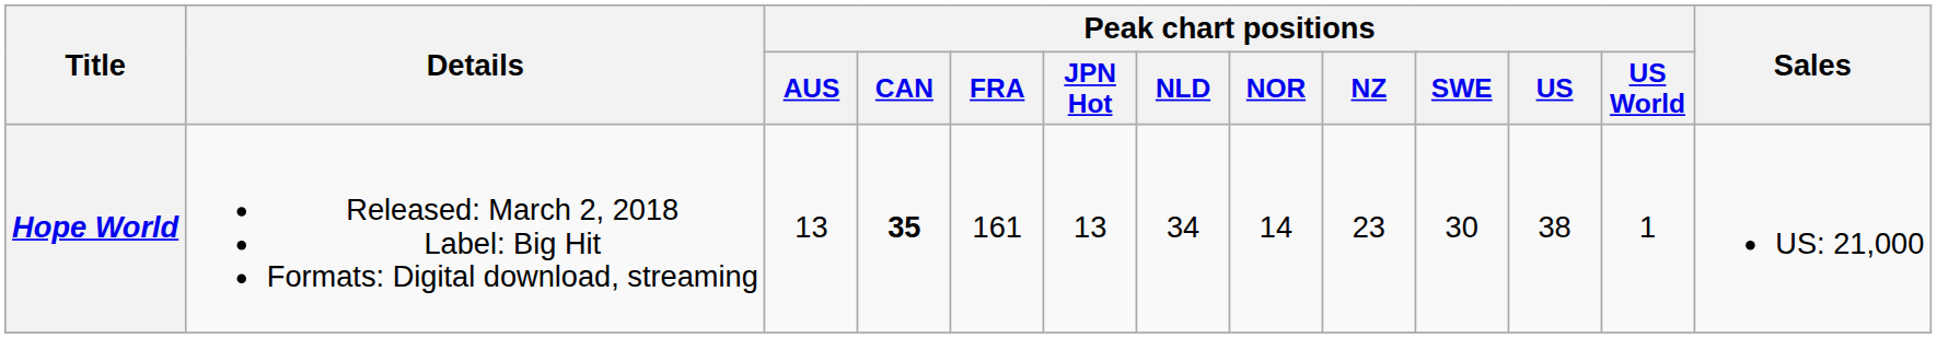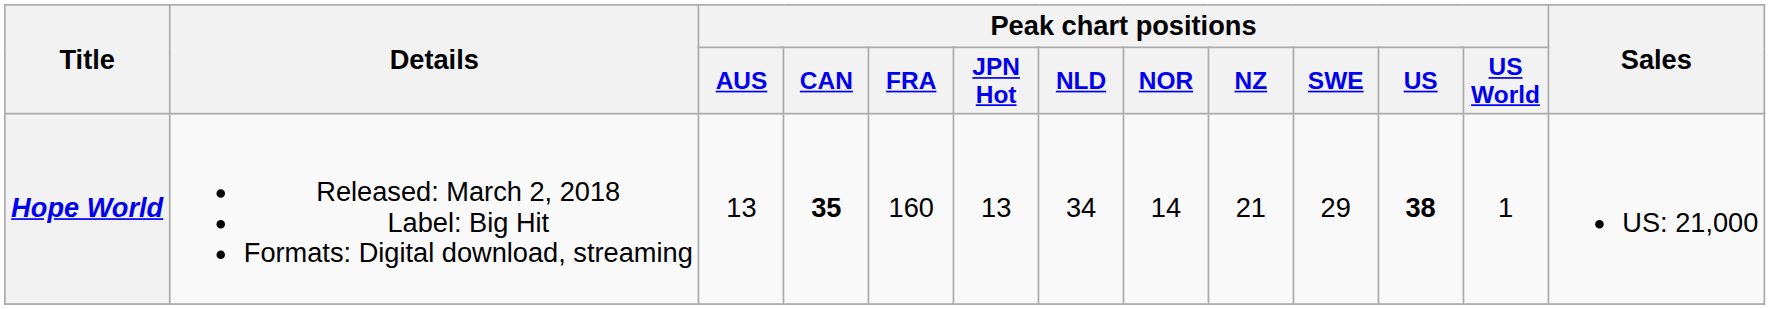 <table class="wikitable plainrowheaders" style="text-align:center;">
 <tr>
 <th scope="col" rowspan="2">Title</th>
 <th scope="col" rowspan="2">Details</th>
 <th scope="col" colspan="10">Peak chart positions</th>
 <th scope="col" rowspan="2">Sales</th>
 </tr>
 <tr>
 <th scope="col" style="width:3em;font-size:90%;"><a href='#'>AUS</a><br></th>
 <th scope="col" style="width:3em;font-size:90%;"><a href='#'>CAN</a><br></th>
 <th scope="col" style="width:3em;font-size:90%;"><a href='#'>FRA</a><br></th>
 <th scope="col" style="width:3em;font-size:90%;"><a href='#'>JPN<br>Hot</a><br></th>
 <th scope="col" style="width:3em;font-size:90%;"><a href='#'>NLD</a><br></th>
 <th scope="col" style="width:3em;font-size:90%;"><a href='#'>NOR</a><br></th>
 <th scope="col" style="width:3em;font-size:90%;"><a href='#'>NZ</a><br></th>
 <th scope="col" style="width:3em;font-size:90%;"><a href='#'>SWE</a><br></th>
 <th scope="col" style="width:3em;font-size:90%;"><a href='#'>US</a><br></th>
 <th scope="col" style="width:3em;font-size:90%;"><a href='#'>US World</a><br></th>
 </tr>
 <tr>
 <th scope="row"><em><a href='#'>Hope World</a></em></th>
 <td><br><ul><li>Released: March 2, 2018</li><li>Label: Big Hit</li><li>Formats: Digital download, streaming</li></ul></td>
 <td>13</td>
 <td><strong>35</strong></td>
-<td>161</td>
+<td>160</td>
 <td>13</td>
 <td>34</td>
 <td>14</td>
-<td>23</td>
-<td>30</td>
-<td>38</td>
+<td>21</td>
+<td>29</td>
+<td><strong>38</strong></td>
 <td>1</td>
 <td><br><ul><li>US: 21,000</li></ul></td>
 </tr>
 </table>
